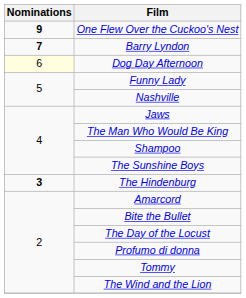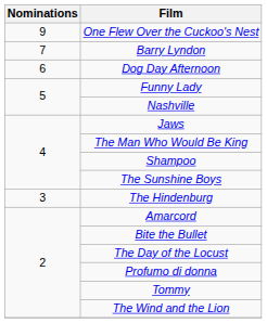 <table class="wikitable" rowspan="2" style="text-align:center;">
 <tr>
 <th scope="col" style="width:55px;">Nominations</th>
 <th scope="col" style="text-align:center;">Film</th>
 </tr>
 <tr>
-<td rowspan="1" style="text-align:center"><strong>9</strong></td>
+<td rowspan="1" style="text-align:center">9</td>
 <td><em><a href='#'>One Flew Over the Cuckoo's Nest</a></em></td>
 </tr>
 <tr>
-<td rowspan="1" style="text-align:center"><strong>7</strong></td>
+<td rowspan="1" style="text-align:center">7</td>
 <td><em><a href='#'>Barry Lyndon</a></em></td>
 </tr>
 <tr>
-<td rowspan="1" style="background: lightyellow; text-align:center">6</td>
+<td rowspan="1" style="text-align:center">6</td>
 <td><em><a href='#'>Dog Day Afternoon</a></em></td>
 </tr>
 <tr>
 <td rowspan="2" style="text-align:center">5</td>
 <td><em><a href='#'>Funny Lady</a></em></td>
 </tr>
 <tr>
 <td><em><a href='#'>Nashville</a></em></td>
 </tr>
 <tr>
 <td rowspan="4" style="text-align:center">4</td>
 <td><em><a href='#'>Jaws</a></em></td>
 </tr>
 <tr>
 <td><em><a href='#'>The Man Who Would Be King</a></em></td>
 </tr>
 <tr>
 <td><em><a href='#'>Shampoo</a></em></td>
 </tr>
 <tr>
 <td><em><a href='#'>The Sunshine Boys</a></em></td>
 </tr>
 <tr>
-<td style="text-align:center"><strong>3</strong></td>
+<td style="text-align:center">3</td>
 <td><em><a href='#'>The Hindenburg</a></em></td>
 </tr>
 <tr>
 <td rowspan="6" style="text-align:center">2</td>
 <td><em><a href='#'>Amarcord</a></em></td>
 </tr>
 <tr>
 <td><em><a href='#'>Bite the Bullet</a></em></td>
 </tr>
 <tr>
 <td><em><a href='#'>The Day of the Locust</a></em></td>
 </tr>
 <tr>
 <td><em><a href='#'>Profumo di donna</a></em></td>
 </tr>
 <tr>
 <td><em><a href='#'>Tommy</a></em></td>
 </tr>
 <tr>
 <td><em><a href='#'>The Wind and the Lion</a></em></td>
 </tr>
 <tr>
 </tr>
 </table>
